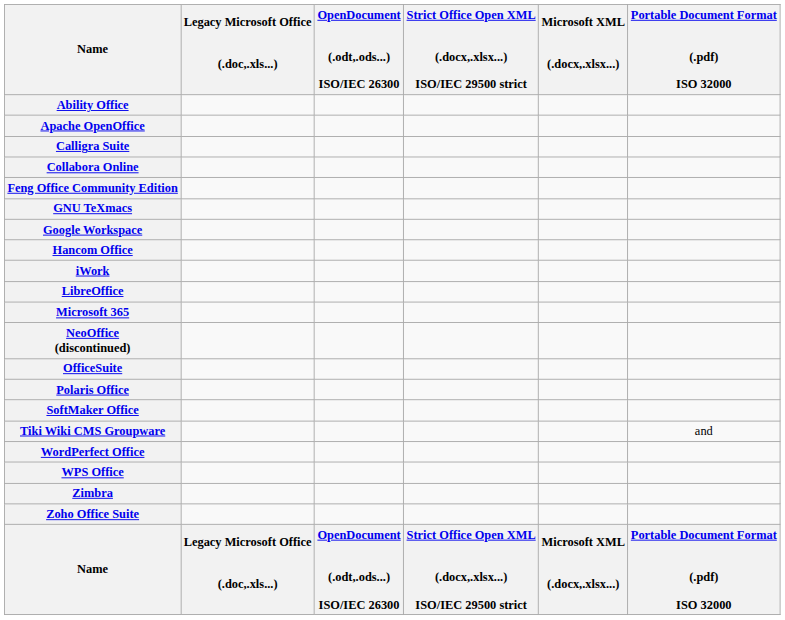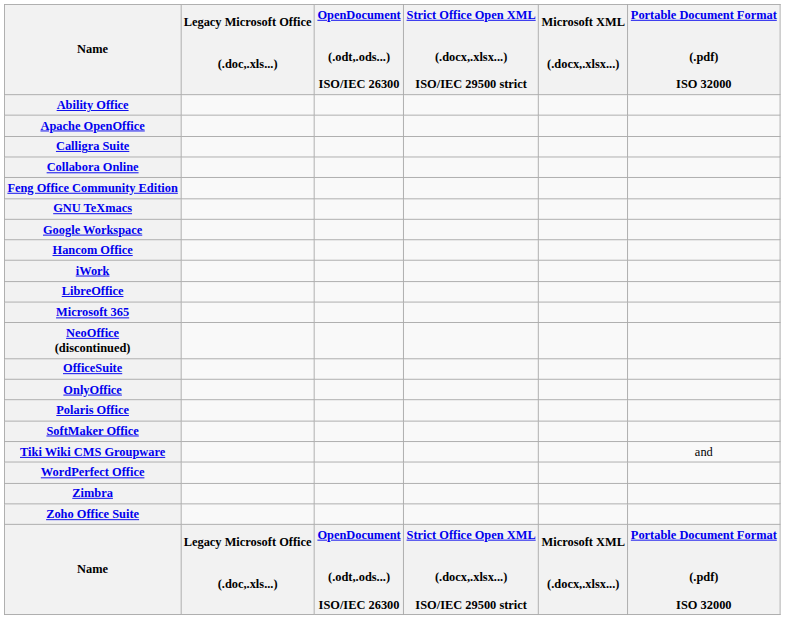 <table class="wikitable sticky-header sortable sort-under" style="text-align: center; width: auto; font-size: smaller;">
 <tr>
 <th>Name</th>
 <th>Legacy Microsoft Office<br><br><p>(.doc,.xls...)</p></th>
 <th><a href='#'>OpenDocument</a><br><br><p>(.odt,.ods...)</p> ISO/IEC 26300 </th>
 <th><a href='#'>Strict Office Open XML</a> <br><br><p>(.docx,.xlsx...)</p> ISO/IEC 29500 strict </th>
 <th>Microsoft XML<br><br><p>(.docx,.xlsx...)</p></th>
 <th><a href='#'>Portable&nbsp;Document Format</a><br><br><p>(.pdf)</p> ISO 32000</th>
 </tr>
 <tr>
 <th><a href='#'>Ability Office</a></th>
 <td></td>
 <td></td>
 <td></td>
 <td></td>
 <td></td>
 </tr>
 <tr>
 <th><a href='#'>Apache OpenOffice</a></th>
 <td></td>
 <td></td>
 <td></td>
 <td></td>
 <td></td>
 </tr>
 <tr>
 <th><a href='#'>Calligra Suite</a></th>
 <td></td>
 <td></td>
 <td></td>
 <td></td>
 <td></td>
 </tr>
 <tr>
 <th><a href='#'>Collabora Online</a></th>
 <td></td>
 <td></td>
 <td></td>
 <td></td>
 <td></td>
 </tr>
 <tr>
 <th><a href='#'>Feng Office Community Edition</a></th>
 <td></td>
 <td></td>
 <td></td>
 <td></td>
 <td></td>
 </tr>
 <tr>
 <th><a href='#'>GNU TeXmacs</a></th>
 <td></td>
 <td></td>
 <td></td>
 <td></td>
 <td></td>
 </tr>
 <tr>
 <th><a href='#'>Google Workspace</a></th>
 <td></td>
 <td></td>
 <td></td>
 <td></td>
 <td></td>
 </tr>
 <tr>
 <th><a href='#'>Hancom Office</a></th>
 <td></td>
 <td></td>
 <td></td>
 <td></td>
 <td></td>
 </tr>
 <tr>
 <th><a href='#'>iWork</a></th>
 <td></td>
 <td></td>
 <td></td>
 <td></td>
 <td></td>
 </tr>
 <tr>
 <th><a href='#'>LibreOffice</a></th>
 <td></td>
 <td></td>
 <td></td>
 <td></td>
 <td></td>
 </tr>
 <tr>
 <th><a href='#'>Microsoft 365</a></th>
 <td></td>
 <td></td>
 <td></td>
 <td></td>
 <td></td>
 </tr>
 <tr>
 <th><a href='#'>NeoOffice</a> <br>(discontinued)</th>
 <td></td>
 <td></td>
 <td></td>
 <td></td>
 <td></td>
 </tr>
 <tr>
 <th><a href='#'>OfficeSuite</a></th>
 <td></td>
 <td></td>
 <td></td>
 <td></td>
 <td></td>
 </tr>
 <tr>
+<th><a href='#'>OnlyOffice</a></th>
+<td></td>
+<td></td>
+<td></td>
+<td></td>
+<td></td>
+</tr>
+<tr>
 <th><a href='#'>Polaris Office</a></th>
 <td></td>
 <td></td>
 <td></td>
 <td></td>
 <td></td>
 </tr>
 <tr>
 <th><a href='#'>SoftMaker Office</a></th>
 <td></td>
 <td></td>
 <td></td>
 <td></td>
 <td></td>
 </tr>
 <tr>
 <th><a href='#'>Tiki Wiki CMS Groupware</a></th>
 <td> </td>
 <td> </td>
 <td></td>
 <td> </td>
 <td>  and </td>
 </tr>
 <tr>
 <th><a href='#'>WordPerfect Office</a></th>
 <td></td>
 <td></td>
 <td></td>
 <td></td>
 <td></td>
 </tr>
 <tr>
-<th><a href='#'>WPS Office</a></th>
-<td></td>
-<td></td>
-<td></td>
-<td></td>
-<td></td>
-</tr>
-<tr>
 <th><a href='#'>Zimbra</a></th>
 <td></td>
 <td></td>
 <td></td>
 <td></td>
 <td></td>
 </tr>
 <tr>
 <th><a href='#'>Zoho Office Suite</a></th>
 <td></td>
 <td></td>
 <td></td>
 <td></td>
 <td></td>
 </tr>
 <tr class="sortbottom">
 <th>Name</th>
 <th>Legacy Microsoft Office<br><br><p>(.doc,.xls...)</p></th>
 <th><a href='#'>OpenDocument</a><br><br><p>(.odt,.ods...)</p> ISO/IEC 26300 </th>
 <th><a href='#'>Strict Office Open XML</a> <br><br><p>(.docx,.xlsx...)</p> ISO/IEC 29500 strict </th>
 <th>Microsoft XML<br><br><p>(.docx,.xlsx...)</p></th>
 <th><a href='#'>Portable&nbsp;Document Format</a><br><br><p>(.pdf)</p> ISO 32000</th>
 </tr>
 </table>
